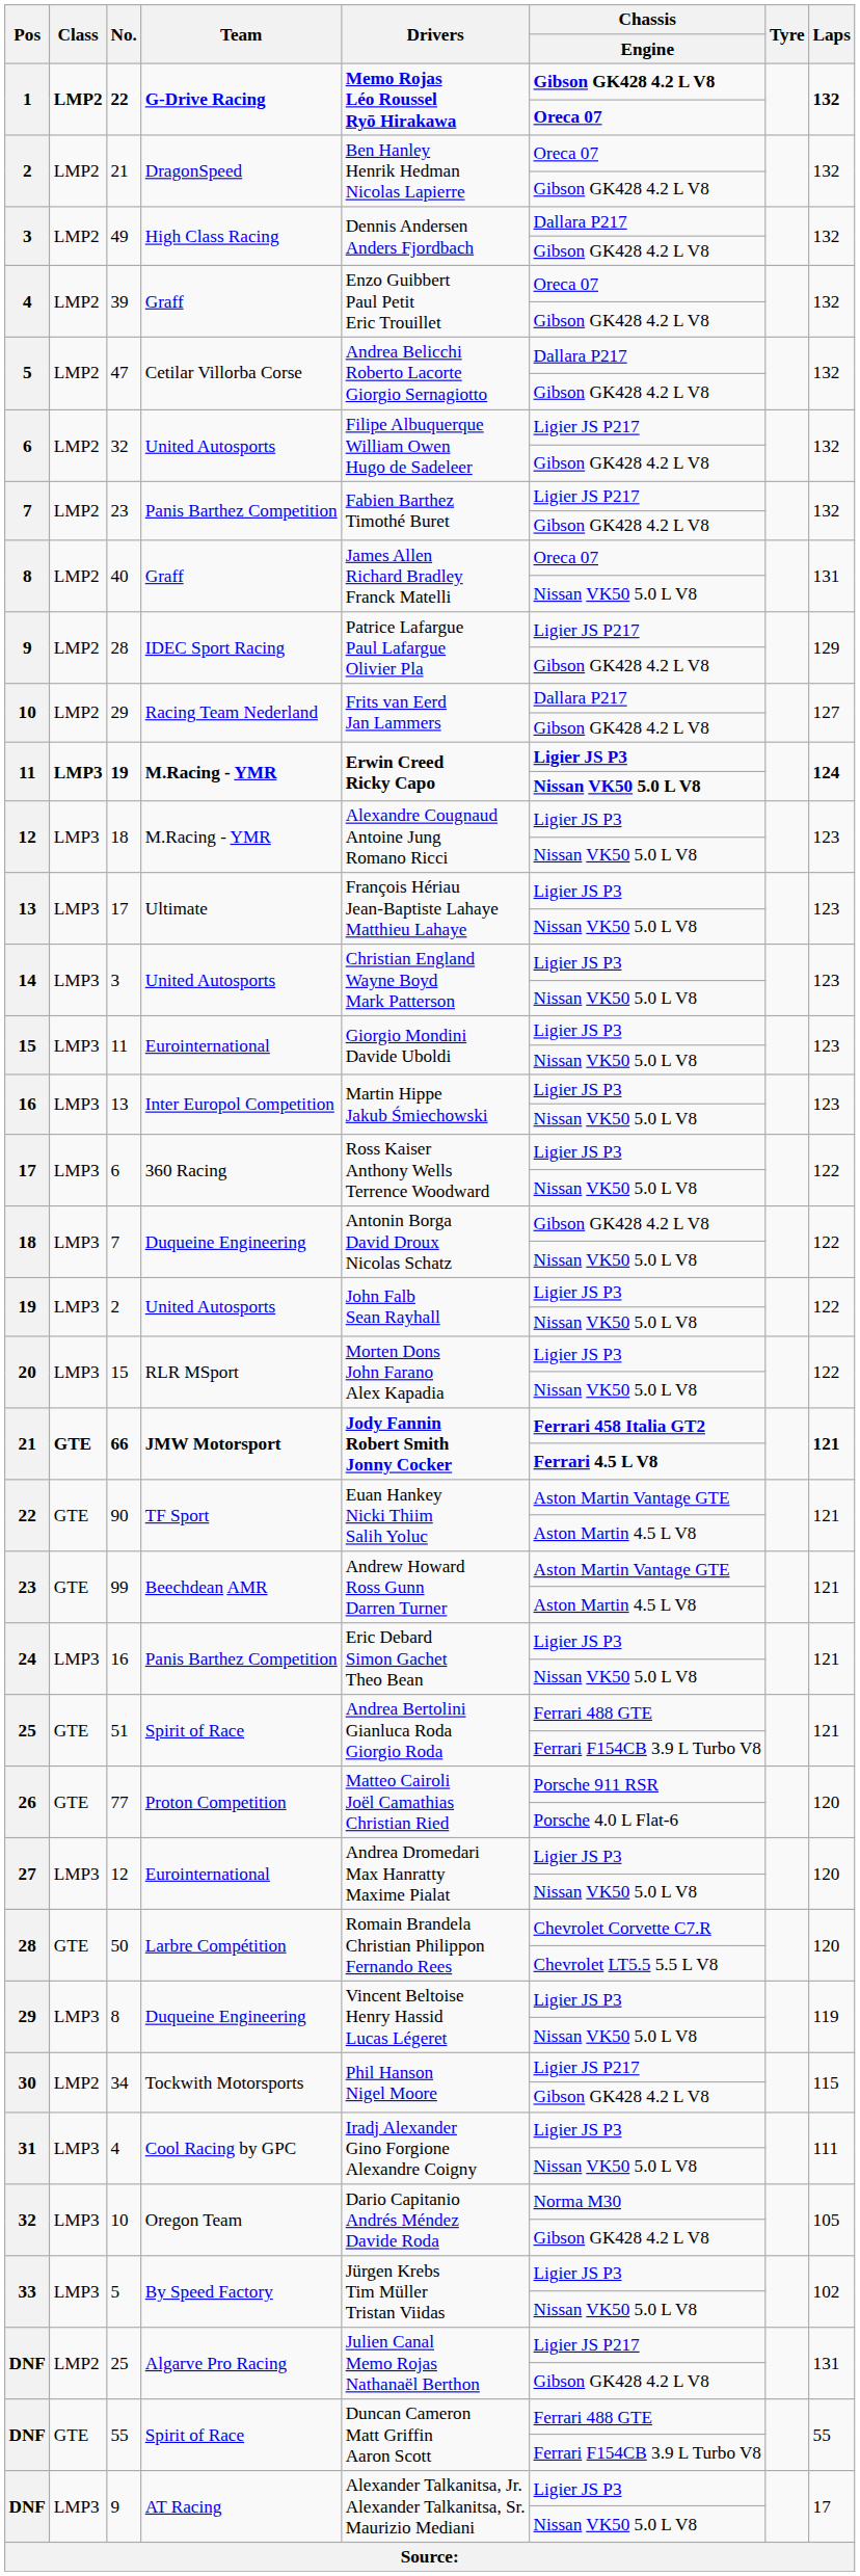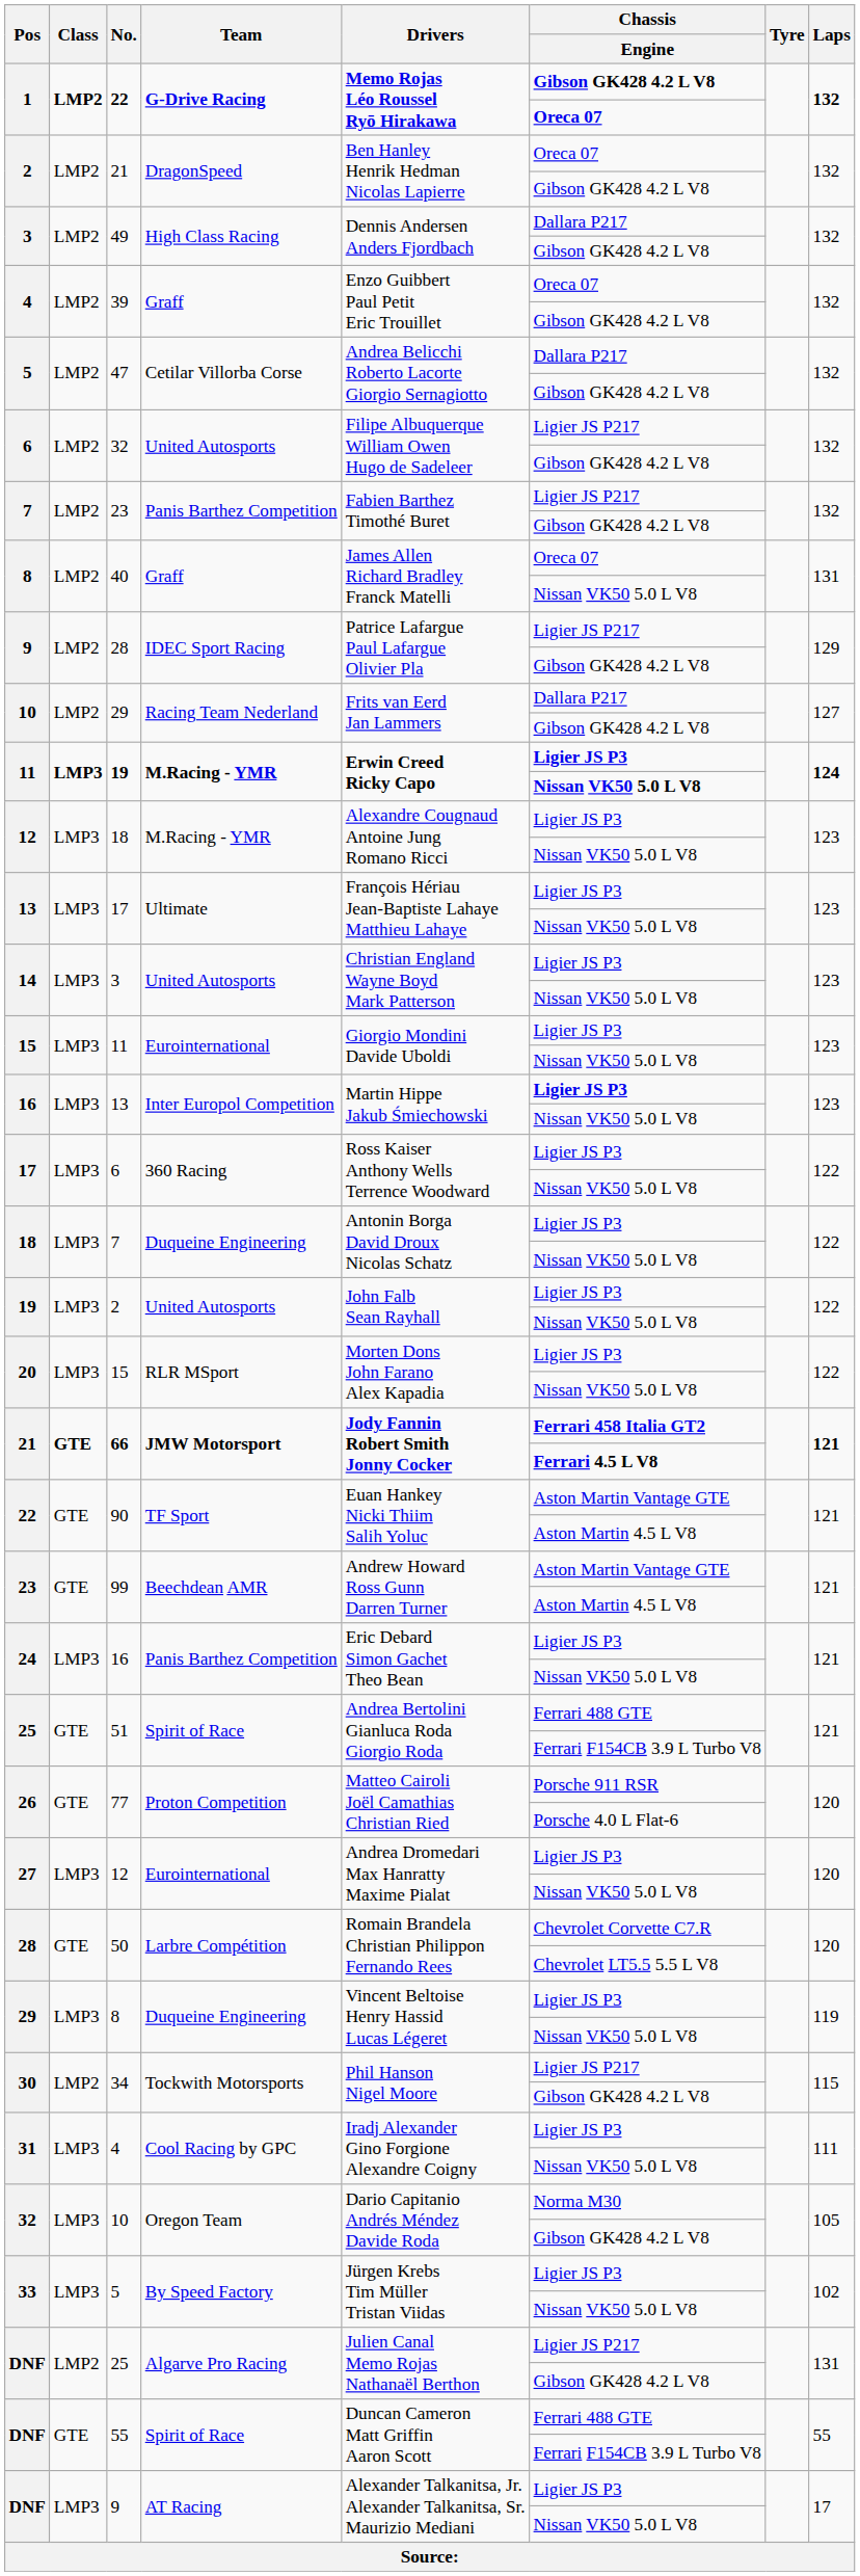 <table class="wikitable" style="font-size: 95%;">
 <tr>
 <th rowspan=2>Pos</th>
 <th rowspan=2>Class</th>
 <th rowspan=2>No.</th>
 <th rowspan=2>Team</th>
 <th rowspan=2>Drivers</th>
 <th>Chassis</th>
 <th rowspan=2>Tyre</th>
 <th rowspan=2>Laps</th>
 </tr>
 <tr>
 <th>Engine</th>
 </tr>
 <tr>
 <th rowspan=2>1</th>
 <td rowspan=2><strong>LMP2</strong></td>
 <td rowspan=2><strong>22</strong></td>
 <td rowspan=2><strong> <a href='#'>G-Drive Racing</a></strong></td>
 <td rowspan=2><strong> <a href='#'>Memo Rojas</a><br> <a href='#'>Léo Roussel</a><br> <a href='#'>Ryō Hirakawa</a></strong></td>
 <td><strong><a href='#'>Gibson</a> GK428 4.2 L V8</strong></td>
 <td rowspan=2></td>
 <td rowspan=2><strong>132</strong></td>
 </tr>
 <tr>
 <td><strong><a href='#'>Oreca 07</a></strong></td>
 </tr>
 <tr>
 <th rowspan=2>2</th>
 <td rowspan=2>LMP2</td>
 <td rowspan=2>21</td>
 <td rowspan=2> <a href='#'>DragonSpeed</a></td>
 <td rowspan=2> <a href='#'>Ben Hanley</a><br> Henrik Hedman<br> <a href='#'>Nicolas Lapierre</a></td>
 <td><a href='#'>Oreca 07</a></td>
 <td rowspan=2></td>
 <td rowspan=2>132</td>
 </tr>
 <tr>
 <td><a href='#'>Gibson</a> GK428 4.2 L V8</td>
 </tr>
 <tr>
 <th rowspan=2>3</th>
 <td rowspan=2>LMP2</td>
 <td rowspan=2>49</td>
 <td rowspan=2> <a href='#'>High Class Racing</a></td>
 <td rowspan=2> Dennis Andersen<br> <a href='#'>Anders Fjordbach</a></td>
 <td><a href='#'>Dallara P217</a></td>
 <td rowspan=2></td>
 <td rowspan=2>132</td>
 </tr>
 <tr>
 <td><a href='#'>Gibson</a> GK428 4.2 L V8</td>
 </tr>
 <tr>
 <th rowspan=2>4</th>
 <td rowspan=2>LMP2</td>
 <td rowspan=2>39</td>
 <td rowspan=2> <a href='#'>Graff</a></td>
 <td rowspan=2> Enzo Guibbert<br> Paul Petit<br> Eric Trouillet</td>
 <td><a href='#'>Oreca 07</a></td>
 <td rowspan=2></td>
 <td rowspan=2>132</td>
 </tr>
 <tr>
 <td><a href='#'>Gibson</a> GK428 4.2 L V8</td>
 </tr>
 <tr>
 <th rowspan=2>5</th>
 <td rowspan=2>LMP2</td>
 <td rowspan=2>47</td>
 <td rowspan=2> Cetilar Villorba Corse</td>
 <td rowspan=2> <a href='#'>Andrea Belicchi</a><br> <a href='#'>Roberto Lacorte</a><br> <a href='#'>Giorgio Sernagiotto</a></td>
 <td><a href='#'>Dallara P217</a></td>
 <td rowspan=2></td>
 <td rowspan=2>132</td>
 </tr>
 <tr>
 <td><a href='#'>Gibson</a> GK428 4.2 L V8</td>
 </tr>
 <tr>
 <th rowspan=2>6</th>
 <td rowspan=2>LMP2</td>
 <td rowspan=2>32</td>
 <td rowspan=2> <a href='#'>United Autosports</a></td>
 <td rowspan=2> <a href='#'>Filipe Albuquerque</a><br> <a href='#'>William Owen</a><br> <a href='#'>Hugo de Sadeleer</a></td>
 <td><a href='#'>Ligier JS P217</a></td>
 <td rowspan=2></td>
 <td rowspan=2>132</td>
 </tr>
 <tr>
 <td><a href='#'>Gibson</a> GK428 4.2 L V8</td>
 </tr>
 <tr>
 <th rowspan=2>7</th>
 <td rowspan=2>LMP2</td>
 <td rowspan=2>23</td>
 <td rowspan=2> <a href='#'>Panis Barthez Competition</a></td>
 <td rowspan=2> <a href='#'>Fabien Barthez</a><br> Timothé Buret</td>
 <td><a href='#'>Ligier JS P217</a></td>
 <td rowspan=2></td>
 <td rowspan=2>132</td>
 </tr>
 <tr>
 <td><a href='#'>Gibson</a> GK428 4.2 L V8</td>
 </tr>
 <tr>
 <th rowspan=2>8</th>
 <td rowspan=2>LMP2</td>
 <td rowspan=2>40</td>
 <td rowspan=2> <a href='#'>Graff</a></td>
 <td rowspan=2> <a href='#'>James Allen</a><br> <a href='#'>Richard Bradley</a><br> Franck Matelli</td>
 <td><a href='#'>Oreca 07</a></td>
 <td rowspan=2></td>
 <td rowspan=2>131</td>
 </tr>
 <tr>
 <td><a href='#'>Nissan</a> <a href='#'>VK50</a> 5.0 L V8</td>
 </tr>
 <tr>
 <th rowspan=2>9</th>
 <td rowspan=2>LMP2</td>
 <td rowspan=2>28</td>
 <td rowspan=2> <a href='#'>IDEC Sport Racing</a></td>
 <td rowspan=2> Patrice Lafargue<br> <a href='#'>Paul Lafargue</a><br> <a href='#'>Olivier Pla</a></td>
 <td><a href='#'>Ligier JS P217</a></td>
 <td rowspan=2></td>
 <td rowspan=2>129</td>
 </tr>
 <tr>
 <td><a href='#'>Gibson</a> GK428 4.2 L V8</td>
 </tr>
 <tr>
 <th rowspan=2>10</th>
 <td rowspan=2>LMP2</td>
 <td rowspan=2>29</td>
 <td rowspan=2> <a href='#'>Racing Team Nederland</a></td>
 <td rowspan=2> <a href='#'>Frits van Eerd</a><br> <a href='#'>Jan Lammers</a></td>
 <td><a href='#'>Dallara P217</a></td>
 <td rowspan=2></td>
 <td rowspan=2>127</td>
 </tr>
 <tr>
 <td><a href='#'>Gibson</a> GK428 4.2 L V8</td>
 </tr>
 <tr>
 <th rowspan=2>11</th>
 <td rowspan=2><strong>LMP3</strong></td>
 <td rowspan=2><strong>19</strong></td>
 <td rowspan=2><strong> M.Racing - <a href='#'>YMR</a></strong></td>
 <td rowspan=2><strong> Erwin Creed<br> Ricky Capo</strong></td>
 <td><strong><a href='#'>Ligier JS P3</a></strong></td>
 <td rowspan=2></td>
 <td rowspan=2><strong>124</strong></td>
 </tr>
 <tr>
 <td><strong><a href='#'>Nissan</a> <a href='#'>VK50</a> 5.0 L V8</strong></td>
 </tr>
 <tr>
 <th rowspan=2>12</th>
 <td rowspan=2>LMP3</td>
 <td rowspan=2>18</td>
 <td rowspan=2> M.Racing - <a href='#'>YMR</a></td>
 <td rowspan=2> <a href='#'>Alexandre Cougnaud</a><br> Antoine Jung<br> Romano Ricci</td>
 <td><a href='#'>Ligier JS P3</a></td>
 <td rowspan=2></td>
 <td rowspan=2>123</td>
 </tr>
 <tr>
 <td><a href='#'>Nissan</a> <a href='#'>VK50</a> 5.0 L V8</td>
 </tr>
 <tr>
 <th rowspan=2>13</th>
 <td rowspan=2>LMP3</td>
 <td rowspan=2>17</td>
 <td rowspan=2> Ultimate</td>
 <td rowspan=2> François Hériau<br> Jean-Baptiste Lahaye<br> <a href='#'>Matthieu Lahaye</a></td>
 <td><a href='#'>Ligier JS P3</a></td>
 <td rowspan=2></td>
 <td rowspan=2>123</td>
 </tr>
 <tr>
 <td><a href='#'>Nissan</a> <a href='#'>VK50</a> 5.0 L V8</td>
 </tr>
 <tr>
 <th rowspan=2>14</th>
 <td rowspan=2>LMP3</td>
 <td rowspan=2>3</td>
 <td rowspan=2> <a href='#'>United Autosports</a></td>
 <td rowspan=2> <a href='#'>Christian England</a><br> <a href='#'>Wayne Boyd</a><br> <a href='#'>Mark Patterson</a></td>
 <td><a href='#'>Ligier JS P3</a></td>
 <td rowspan=2></td>
 <td rowspan=2>123</td>
 </tr>
 <tr>
 <td><a href='#'>Nissan</a> <a href='#'>VK50</a> 5.0 L V8</td>
 </tr>
 <tr>
 <th rowspan=2>15</th>
 <td rowspan=2>LMP3</td>
 <td rowspan=2>11</td>
 <td rowspan=2> <a href='#'>Eurointernational</a></td>
 <td rowspan=2> <a href='#'>Giorgio Mondini</a><br> Davide Uboldi</td>
 <td><a href='#'>Ligier JS P3</a></td>
 <td rowspan=2></td>
 <td rowspan=2>123</td>
 </tr>
 <tr>
 <td><a href='#'>Nissan</a> <a href='#'>VK50</a> 5.0 L V8</td>
 </tr>
 <tr>
 <th rowspan=2>16</th>
 <td rowspan=2>LMP3</td>
 <td rowspan=2>13</td>
 <td rowspan=2> <a href='#'>Inter Europol Competition</a></td>
 <td rowspan=2> Martin Hippe<br> <a href='#'>Jakub Śmiechowski</a></td>
-<td><a href='#'>Ligier JS P3</a></td>
+<td><strong><a href='#'>Ligier JS P3</a></strong></td>
 <td rowspan=2></td>
 <td rowspan=2>123</td>
 </tr>
 <tr>
 <td><a href='#'>Nissan</a> <a href='#'>VK50</a> 5.0 L V8</td>
 </tr>
 <tr>
 <th rowspan=2>17</th>
 <td rowspan=2>LMP3</td>
 <td rowspan=2>6</td>
 <td rowspan=2> 360 Racing</td>
 <td rowspan=2> Ross Kaiser<br> Anthony Wells<br> Terrence Woodward</td>
 <td><a href='#'>Ligier JS P3</a></td>
 <td rowspan=2></td>
 <td rowspan=2>122</td>
 </tr>
 <tr>
 <td><a href='#'>Nissan</a> <a href='#'>VK50</a> 5.0 L V8</td>
 </tr>
 <tr>
 <th rowspan=2>18</th>
 <td rowspan=2>LMP3</td>
 <td rowspan=2>7</td>
 <td rowspan=2> <a href='#'>Duqueine Engineering</a></td>
 <td rowspan=2> Antonin Borga<br> <a href='#'>David Droux</a><br> Nicolas Schatz</td>
-<td><a href='#'>Gibson</a> GK428 4.2 L V8</td>
+<td><a href='#'>Ligier JS P3</a></td>
 <td rowspan=2></td>
 <td rowspan=2>122</td>
 </tr>
 <tr>
 <td><a href='#'>Nissan</a> <a href='#'>VK50</a> 5.0 L V8</td>
 </tr>
 <tr>
 <th rowspan=2>19</th>
 <td rowspan=2>LMP3</td>
 <td rowspan=2>2</td>
 <td rowspan=2> <a href='#'>United Autosports</a></td>
 <td rowspan=2> <a href='#'>John Falb</a><br> <a href='#'>Sean Rayhall</a></td>
 <td><a href='#'>Ligier JS P3</a></td>
 <td rowspan=2></td>
 <td rowspan=2>122</td>
 </tr>
 <tr>
 <td><a href='#'>Nissan</a> <a href='#'>VK50</a> 5.0 L V8</td>
 </tr>
 <tr>
 <th rowspan=2>20</th>
 <td rowspan=2>LMP3</td>
 <td rowspan=2>15</td>
 <td rowspan=2> RLR MSport</td>
 <td rowspan=2> <a href='#'>Morten Dons</a><br> <a href='#'>John Farano</a><br> Alex Kapadia</td>
 <td><a href='#'>Ligier JS P3</a></td>
 <td rowspan=2></td>
 <td rowspan=2>122</td>
 </tr>
 <tr>
 <td><a href='#'>Nissan</a> <a href='#'>VK50</a> 5.0 L V8</td>
 </tr>
 <tr>
 <th rowspan=2>21</th>
 <td rowspan=2><strong>GTE</strong></td>
 <td rowspan=2><strong>66</strong></td>
 <td rowspan=2><strong> JMW Motorsport</strong></td>
 <td rowspan=2><strong> <a href='#'>Jody Fannin</a><br> Robert Smith<br> <a href='#'>Jonny Cocker</a></strong></td>
 <td><a href='#'><strong>Ferrari 458 Italia GT2</strong></a></td>
 <td rowspan=2></td>
 <td rowspan=2><strong>121</strong></td>
 </tr>
 <tr>
 <td><strong><a href='#'>Ferrari</a> 4.5 L V8</strong></td>
 </tr>
 <tr>
 <th rowspan=2>22</th>
 <td rowspan=2>GTE</td>
 <td rowspan=2>90</td>
 <td rowspan=2> <a href='#'>TF Sport</a></td>
 <td rowspan=2> Euan Hankey<br> <a href='#'>Nicki Thiim</a><br> <a href='#'>Salih Yoluc</a></td>
 <td><a href='#'>Aston Martin Vantage GTE</a></td>
 <td rowspan=2></td>
 <td rowspan=2>121</td>
 </tr>
 <tr>
 <td><a href='#'>Aston Martin</a> 4.5 L V8</td>
 </tr>
 <tr>
 <th rowspan=2>23</th>
 <td rowspan=2>GTE</td>
 <td rowspan=2>99</td>
 <td rowspan=2> <a href='#'>Beechdean</a> <a href='#'>AMR</a></td>
 <td rowspan=2> Andrew Howard<br> <a href='#'>Ross Gunn</a><br> <a href='#'>Darren Turner</a></td>
 <td><a href='#'>Aston Martin Vantage GTE</a></td>
 <td rowspan=2></td>
 <td rowspan=2>121</td>
 </tr>
 <tr>
 <td><a href='#'>Aston Martin</a> 4.5 L V8</td>
 </tr>
 <tr>
 <th rowspan=2>24</th>
 <td rowspan=2>LMP3</td>
 <td rowspan=2>16</td>
 <td rowspan=2> <a href='#'>Panis Barthez Competition</a></td>
 <td rowspan=2> Eric Debard<br> <a href='#'>Simon Gachet</a><br> Theo Bean</td>
 <td><a href='#'>Ligier JS P3</a></td>
 <td rowspan=2></td>
 <td rowspan=2>121</td>
 </tr>
 <tr>
 <td><a href='#'>Nissan</a> <a href='#'>VK50</a> 5.0 L V8</td>
 </tr>
 <tr>
 <th rowspan=2>25</th>
 <td rowspan=2>GTE</td>
 <td rowspan=2>51</td>
 <td rowspan=2> <a href='#'>Spirit of Race</a></td>
 <td rowspan=2> <a href='#'>Andrea Bertolini</a><br> Gianluca Roda<br> <a href='#'>Giorgio Roda</a></td>
 <td><a href='#'>Ferrari 488 GTE</a></td>
 <td rowspan=2></td>
 <td rowspan=2>121</td>
 </tr>
 <tr>
 <td><a href='#'>Ferrari</a> <a href='#'>F154CB</a> 3.9 L Turbo V8</td>
 </tr>
 <tr>
 <th rowspan="2">26</th>
 <td rowspan="2">GTE</td>
 <td rowspan="2">77</td>
 <td rowspan="2"> <a href='#'>Proton Competition</a></td>
 <td rowspan="2"> <a href='#'>Matteo Cairoli</a><br> <a href='#'>Joël Camathias</a><br> <a href='#'>Christian Ried</a></td>
 <td><a href='#'>Porsche 911 RSR</a></td>
 <td rowspan="2"></td>
 <td rowspan="2">120</td>
 </tr>
 <tr>
 <td><a href='#'>Porsche</a> 4.0 L Flat-6</td>
 </tr>
 <tr>
 <th rowspan=2>27</th>
 <td rowspan=2>LMP3</td>
 <td rowspan=2>12</td>
 <td rowspan=2> <a href='#'>Eurointernational</a></td>
 <td rowspan=2> Andrea Dromedari<br> Max Hanratty<br> Maxime Pialat</td>
 <td><a href='#'>Ligier JS P3</a></td>
 <td rowspan=2></td>
 <td rowspan=2>120</td>
 </tr>
 <tr>
 <td><a href='#'>Nissan</a> <a href='#'>VK50</a> 5.0 L V8</td>
 </tr>
 <tr>
 <th rowspan="2">28</th>
 <td rowspan="2">GTE</td>
 <td rowspan="2">50</td>
 <td rowspan="2"> <a href='#'>Larbre Compétition</a></td>
 <td rowspan="2"> Romain Brandela<br> Christian Philippon<br> <a href='#'>Fernando Rees</a></td>
 <td><a href='#'>Chevrolet Corvette C7.R</a></td>
 <td rowspan="2"></td>
 <td rowspan="2">120</td>
 </tr>
 <tr>
 <td><a href='#'>Chevrolet</a> <a href='#'>LT5.5</a> 5.5 L V8</td>
 </tr>
 <tr>
 <th rowspan="2">29</th>
 <td rowspan="2">LMP3</td>
 <td rowspan="2">8</td>
 <td rowspan="2"> <a href='#'>Duqueine Engineering</a></td>
 <td rowspan="2"> Vincent Beltoise<br> Henry Hassid<br> <a href='#'>Lucas Légeret</a></td>
 <td><a href='#'>Ligier JS P3</a></td>
 <td rowspan="2"></td>
 <td rowspan="2">119</td>
 </tr>
 <tr>
 <td><a href='#'>Nissan</a> <a href='#'>VK50</a> 5.0 L V8</td>
 </tr>
 <tr>
 <th rowspan="2">30</th>
 <td rowspan="2">LMP2</td>
 <td rowspan="2">34</td>
 <td rowspan="2"> Tockwith Motorsports</td>
 <td rowspan="2"> <a href='#'>Phil Hanson</a><br> <a href='#'>Nigel Moore</a></td>
 <td><a href='#'>Ligier JS P217</a></td>
 <td rowspan="2"></td>
 <td rowspan="2">115</td>
 </tr>
 <tr>
 <td><a href='#'>Gibson</a> GK428 4.2 L V8</td>
 </tr>
 <tr>
 <th rowspan="2">31</th>
 <td rowspan="2">LMP3</td>
 <td rowspan="2">4</td>
 <td rowspan="2"> <a href='#'>Cool Racing</a> by GPC</td>
 <td rowspan="2"> <a href='#'>Iradj Alexander</a><br> Gino Forgione<br> Alexandre Coigny</td>
 <td><a href='#'>Ligier JS P3</a></td>
 <td rowspan="2"></td>
 <td rowspan="2">111</td>
 </tr>
 <tr>
 <td><a href='#'>Nissan</a> <a href='#'>VK50</a> 5.0 L V8</td>
 </tr>
 <tr>
 <th rowspan="2">32</th>
 <td rowspan="2">LMP3</td>
 <td rowspan="2">10</td>
 <td rowspan="2"> Oregon Team</td>
 <td rowspan="2"> Dario Capitanio<br> <a href='#'>Andrés Méndez</a><br> <a href='#'>Davide Roda</a></td>
 <td><a href='#'>Norma M30</a></td>
 <td rowspan="2"></td>
 <td rowspan="2">105</td>
 </tr>
 <tr>
 <td><a href='#'>Gibson</a> GK428 4.2 L V8</td>
 </tr>
 <tr>
 <th rowspan="2">33</th>
 <td rowspan="2">LMP3</td>
 <td rowspan="2">5</td>
 <td rowspan="2"> <a href='#'>By Speed Factory</a></td>
 <td rowspan="2"> Jürgen Krebs<br> Tim Müller<br> Tristan Viidas</td>
 <td><a href='#'>Ligier JS P3</a></td>
 <td rowspan="2"></td>
 <td rowspan="2">102</td>
 </tr>
 <tr>
 <td><a href='#'>Nissan</a> <a href='#'>VK50</a> 5.0 L V8</td>
 </tr>
 <tr>
 <th rowspan="2">DNF</th>
 <td rowspan="2">LMP2</td>
 <td rowspan="2">25</td>
 <td rowspan="2"> <a href='#'>Algarve Pro Racing</a></td>
 <td rowspan="2"> <a href='#'>Julien Canal</a><br> <a href='#'>Memo Rojas</a><br> <a href='#'>Nathanaël Berthon</a></td>
 <td><a href='#'>Ligier JS P217</a></td>
 <td rowspan="2"></td>
 <td rowspan="2">131</td>
 </tr>
 <tr>
 <td><a href='#'>Gibson</a> GK428 4.2 L V8</td>
 </tr>
 <tr>
 <th rowspan="2">DNF</th>
 <td rowspan="2">GTE</td>
 <td rowspan="2">55</td>
 <td rowspan="2"> <a href='#'>Spirit of Race</a></td>
 <td rowspan="2"> Duncan Cameron<br> Matt Griffin<br> Aaron Scott</td>
 <td><a href='#'>Ferrari 488 GTE</a></td>
 <td rowspan="2"></td>
 <td rowspan="2">55</td>
 </tr>
 <tr>
 <td><a href='#'>Ferrari</a> <a href='#'>F154CB</a> 3.9 L Turbo V8</td>
 </tr>
 <tr>
 <th rowspan="2">DNF</th>
 <td rowspan="2">LMP3</td>
 <td rowspan="2">9</td>
 <td rowspan="2"> <a href='#'>AT Racing</a></td>
 <td rowspan="2"> Alexander Talkanitsa, Jr.<br> Alexander Talkanitsa, Sr.<br> Maurizio Mediani</td>
 <td><a href='#'>Ligier JS P3</a></td>
 <td rowspan="2"></td>
 <td rowspan="2">17</td>
 </tr>
 <tr>
 <td><a href='#'>Nissan</a> <a href='#'>VK50</a> 5.0 L V8</td>
 </tr>
 <tr>
 <th colspan="8">Source:</th>
 </tr>
 </table>
